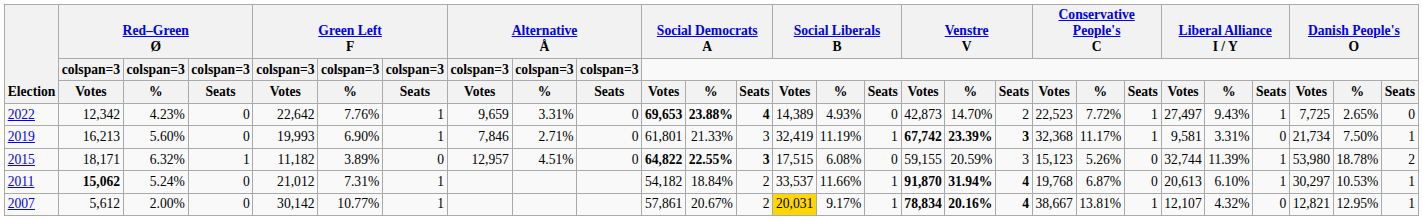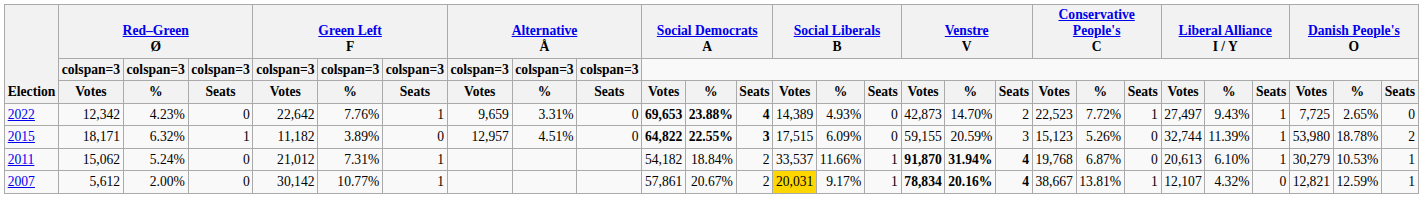 <table class="wikitable" border="1" style="font-size:85%; text-align:right;">
 <tr>
 <th style="text-align:left;" valign=bottom rowspan=3>Election</th>
 <th valign=bottom colspan=3><a href='#'>Red–Green</a><br>Ø</th>
 <th valign=bottom colspan=3><a href='#'>Green Left</a><br>F</th>
 <th valign=bottom colspan=3><a href='#'>Alternative</a><br>Å</th>
 <th valign=bottom colspan=3><a href='#'>Social Democrats</a><br>A</th>
 <th valign=bottom colspan=3><a href='#'>Social Liberals</a><br>B</th>
 <th valign=bottom colspan=3><a href='#'>Venstre</a><br>V</th>
 <th valign=bottom colspan=3><a href='#'>Conservative People's</a><br>C</th>
 <th valign=bottom colspan=3><a href='#'>Liberal Alliance</a><br>I / Y</th>
 <th valign=bottom colspan=3><a href='#'>Danish People's</a><br>O</th>
 </tr>
 <tr>
 <th>colspan=3 </th>
 <th>colspan=3 </th>
 <th>colspan=3 </th>
 <th>colspan=3 </th>
 <th>colspan=3 </th>
 <th>colspan=3 </th>
 <th>colspan=3 </th>
 <th>colspan=3 </th>
 <th>colspan=3 </th>
 </tr>
 <tr>
 <th>Votes</th>
 <th>%</th>
 <th>Seats</th>
 <th>Votes</th>
 <th>%</th>
 <th>Seats</th>
 <th>Votes</th>
 <th>%</th>
 <th>Seats</th>
 <th>Votes</th>
 <th>%</th>
 <th>Seats</th>
 <th>Votes</th>
 <th>%</th>
 <th>Seats</th>
 <th>Votes</th>
 <th>%</th>
 <th>Seats</th>
 <th>Votes</th>
 <th>%</th>
 <th>Seats</th>
 <th>Votes</th>
 <th>%</th>
 <th>Seats</th>
 <th>Votes</th>
 <th>%</th>
 <th>Seats</th>
 </tr>
 <tr>
 <td align=left><a href='#'>2022</a></td>
 <td>12,342</td>
 <td>4.23%</td>
 <td>0</td>
 <td>22,642</td>
 <td>7.76%</td>
 <td>1</td>
 <td>9,659</td>
 <td>3.31%</td>
 <td>0</td>
 <td><strong>69,653</strong></td>
 <td><strong>23.88%</strong></td>
 <td><strong>4</strong></td>
 <td>14,389</td>
 <td>4.93%</td>
 <td>0</td>
 <td>42,873</td>
 <td>14.70%</td>
 <td>2</td>
 <td>22,523</td>
 <td>7.72%</td>
 <td>1</td>
 <td>27,497</td>
 <td>9.43%</td>
 <td>1</td>
 <td>7,725</td>
 <td>2.65%</td>
 <td>0</td>
 </tr>
 <tr>
-<td align=left><a href='#'>2019</a></td>
-<td>16,213</td>
-<td>5.60%</td>
-<td>0</td>
-<td>19,993</td>
-<td>6.90%</td>
-<td>1</td>
-<td>7,846</td>
-<td>2.71%</td>
-<td>0</td>
-<td>61,801</td>
-<td>21.33%</td>
-<td>3</td>
-<td>32,419</td>
-<td>11.19%</td>
-<td>1</td>
-<td><strong>67,742</strong></td>
-<td><strong>23.39%</strong></td>
-<td><strong>3</strong></td>
-<td>32,368</td>
-<td>11.17%</td>
-<td>1</td>
-<td>9,581</td>
-<td>3.31%</td>
-<td>0</td>
-<td>21,734</td>
-<td>7.50%</td>
-<td>1</td>
-</tr>
-<tr>
 <td align=left><a href='#'>2015</a></td>
 <td>18,171</td>
 <td>6.32%</td>
 <td>1</td>
 <td>11,182</td>
 <td>3.89%</td>
 <td>0</td>
 <td>12,957</td>
 <td>4.51%</td>
 <td>0</td>
 <td><strong>64,822</strong></td>
 <td><strong>22.55%</strong></td>
 <td><strong>3</strong></td>
 <td>17,515</td>
-<td>6.08%</td>
+<td>6.09%</td>
 <td>0</td>
 <td>59,155</td>
 <td>20.59%</td>
 <td>3</td>
 <td>15,123</td>
 <td>5.26%</td>
 <td>0</td>
 <td>32,744</td>
 <td>11.39%</td>
 <td>1</td>
 <td>53,980</td>
 <td>18.78%</td>
 <td>2</td>
 </tr>
 <tr>
 <td align=left><a href='#'>2011</a></td>
-<td><strong>15,062</strong></td>
+<td>15,062</td>
 <td>5.24%</td>
 <td>0</td>
 <td>21,012</td>
 <td>7.31%</td>
 <td>1</td>
 <td></td>
 <td></td>
 <td></td>
 <td>54,182</td>
 <td>18.84%</td>
 <td>2</td>
 <td>33,537</td>
 <td>11.66%</td>
 <td>1</td>
 <td><strong>91,870</strong></td>
 <td><strong>31.94%</strong></td>
 <td><strong>4</strong></td>
 <td>19,768</td>
 <td>6.87%</td>
 <td>0</td>
 <td>20,613</td>
 <td>6.10%</td>
 <td>1</td>
-<td>30,297</td>
+<td>30,279</td>
 <td>10.53%</td>
 <td>1</td>
 </tr>
 <tr>
 <td align=left><a href='#'>2007</a></td>
 <td>5,612</td>
 <td>2.00%</td>
 <td>0</td>
 <td>30,142</td>
 <td>10.77%</td>
 <td>1</td>
 <td></td>
 <td></td>
 <td></td>
 <td>57,861</td>
 <td>20.67%</td>
 <td>2</td>
 <td style="background: gold;">20,031</td>
 <td>9.17%</td>
 <td>1</td>
 <td><strong>78,834</strong></td>
 <td><strong>20.16%</strong></td>
 <td><strong>4</strong></td>
 <td>38,667</td>
 <td>13.81%</td>
 <td>1</td>
 <td>12,107</td>
 <td>4.32%</td>
 <td>0</td>
 <td>12,821</td>
-<td>12.95%</td>
+<td>12.59%</td>
 <td>1</td>
 </tr>
 </table>
